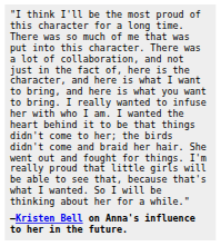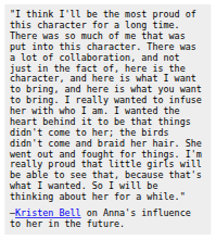 <table class="toccolours" style="float:left; margin-left:1em; margin-right:2em; font-size:85%; background:#eee; color:black; width:30em; max-width:40%;" cellspacing="5">
 <tr>
 <td style="text-align: left;">"I think I'll be the most proud of this character for a long time. There was so much of me that was put into this character. There was a lot of collaboration, and not just in the fact of, here is the character, and here is what I want to bring, and here is what you want to bring. I really wanted to infuse her with who I am. I wanted the heart behind it to be that things didn't come to her; the birds didn't come and braid her hair. She went out and fought for things. I'm really proud that little girls will be able to see that, because that's what I wanted. So I will be thinking about her for a while."</td>
 </tr>
 <tr>
-<td style="text-align: left;"><strong>—<a href='#'>Kristen Bell</a> on Anna's influence to her in the future.</strong></td>
+<td style="text-align: left;">—<a href='#'>Kristen Bell</a> on Anna's influence to her in the future.</td>
 </tr>
 </table>
